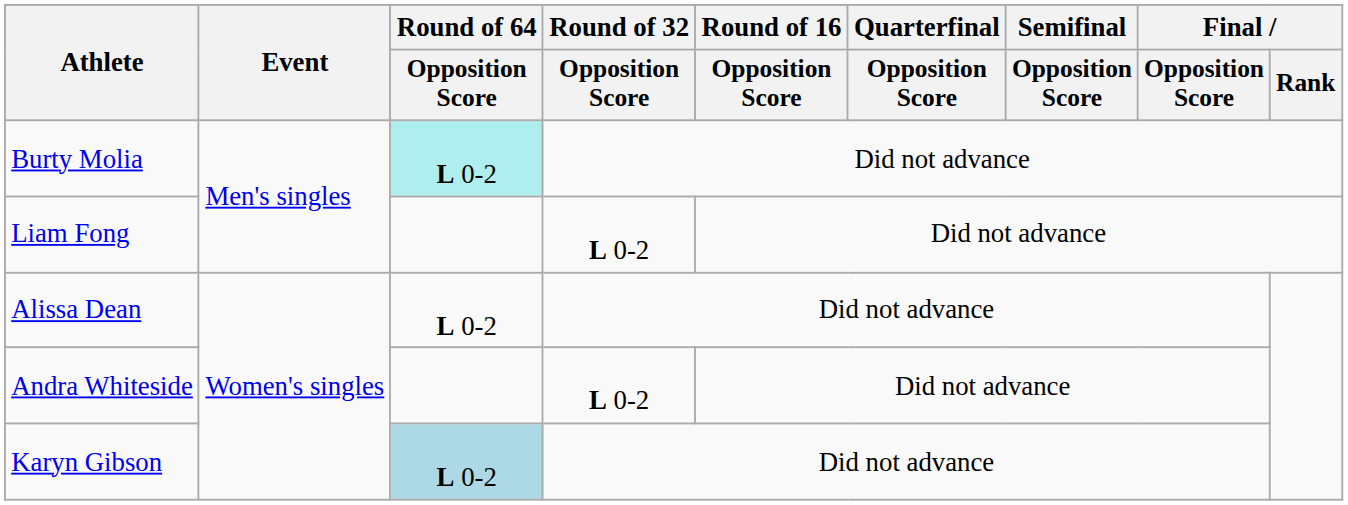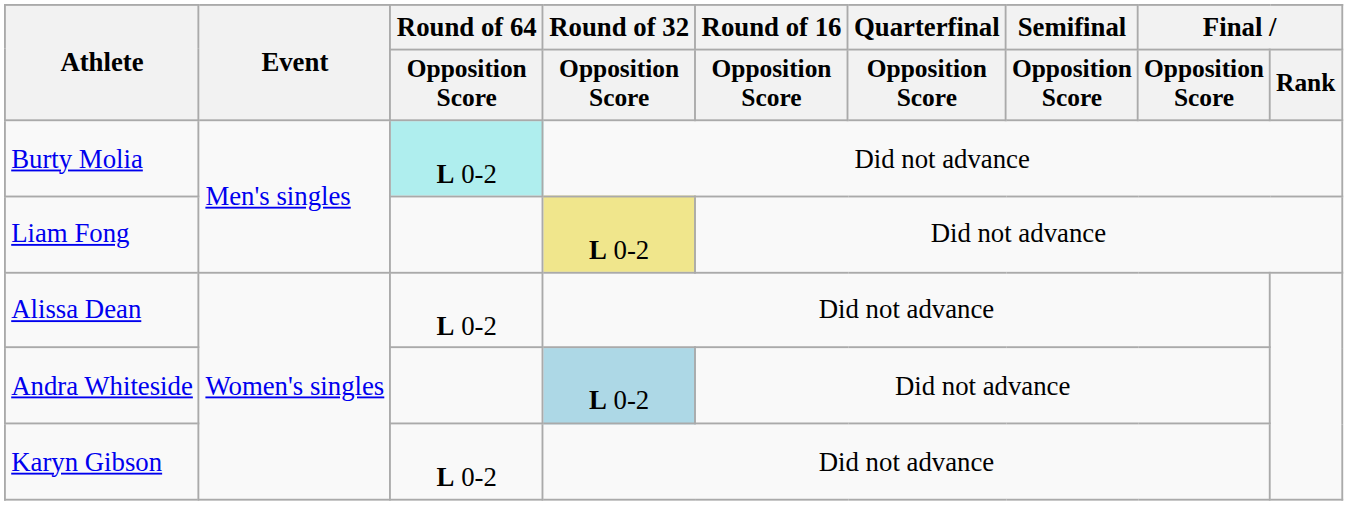 <table class=wikitable style="font-size:90%">
 <tr>
 <th rowspan=2>Athlete</th>
 <th rowspan=2>Event</th>
 <th>Round of 64</th>
 <th>Round of 32</th>
 <th>Round of 16</th>
 <th>Quarterfinal</th>
 <th>Semifinal</th>
 <th colspan=2>Final / </th>
 </tr>
 <tr style="font-size:95%">
 <th>Opposition<br>Score</th>
 <th>Opposition<br>Score</th>
 <th>Opposition<br>Score</th>
 <th>Opposition<br>Score</th>
 <th>Opposition<br>Score</th>
 <th>Opposition<br>Score</th>
 <th>Rank</th>
 </tr>
 <tr align=center>
 <td align=left><a href='#'>Burty Molia</a></td>
 <td align=left rowspan=2><a href='#'>Men's singles</a></td>
 <td style="background: paleturquoise;"><br> <strong>L</strong> 0-2</td>
 <td Colspan=6>Did not advance</td>
 </tr>
 <tr align=center>
 <td align=left><a href='#'>Liam Fong</a></td>
 <td></td>
-<td><br> <strong>L</strong> 0-2</td>
+<td style="background: khaki;"><br> <strong>L</strong> 0-2</td>
 <td Colspan=5>Did not advance</td>
 </tr>
 <tr align=center>
 <td align=left><a href='#'>Alissa Dean</a></td>
 <td align=left rowspan=3><a href='#'>Women's singles</a></td>
 <td><br> <strong>L</strong> 0-2</td>
 <td Colspan=5>Did not advance</td>
 </tr>
 <tr align=center>
 <td align=left><a href='#'>Andra Whiteside</a></td>
 <td></td>
-<td><br> <strong>L</strong> 0-2</td>
+<td style="background: lightblue;"><br> <strong>L</strong> 0-2</td>
 <td Colspan=4>Did not advance</td>
 </tr>
 <tr align=center>
 <td align=left><a href='#'>Karyn Gibson</a></td>
-<td style="background: lightblue;"><br> <strong>L</strong> 0-2</td>
+<td><br> <strong>L</strong> 0-2</td>
 <td Colspan=5>Did not advance</td>
 </tr>
 </table>
